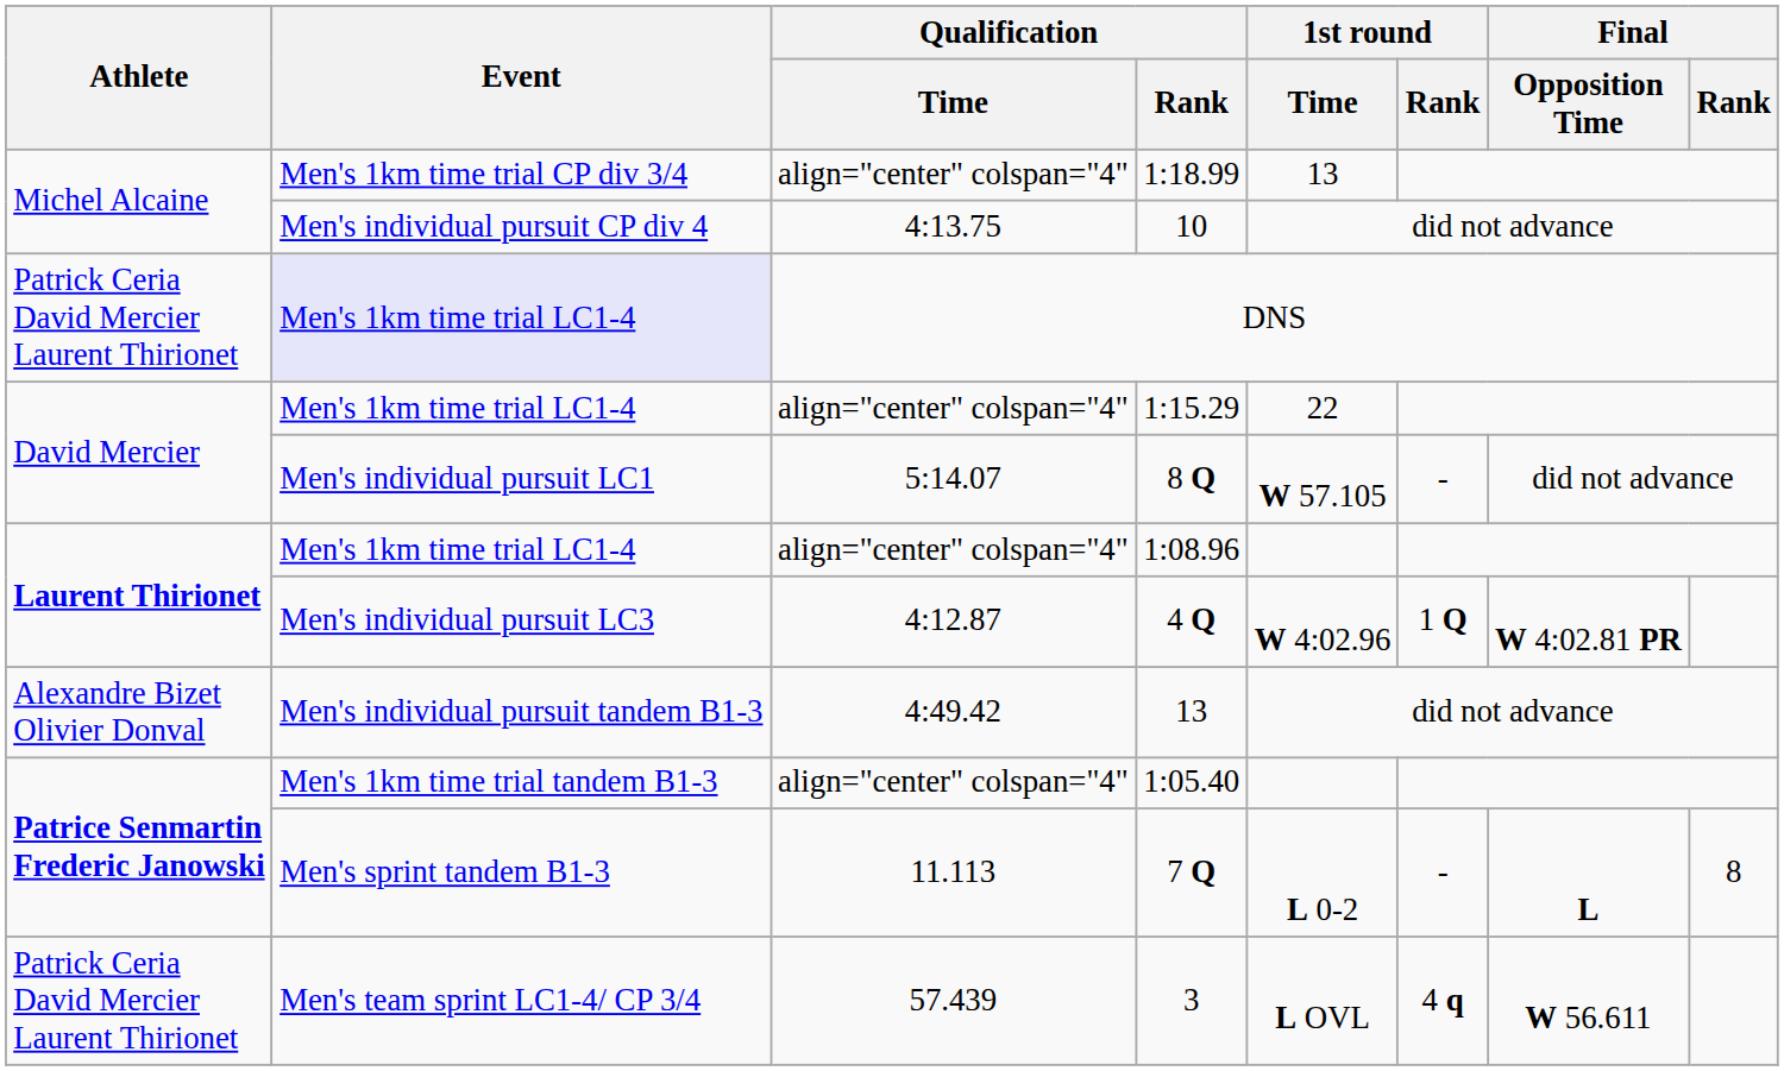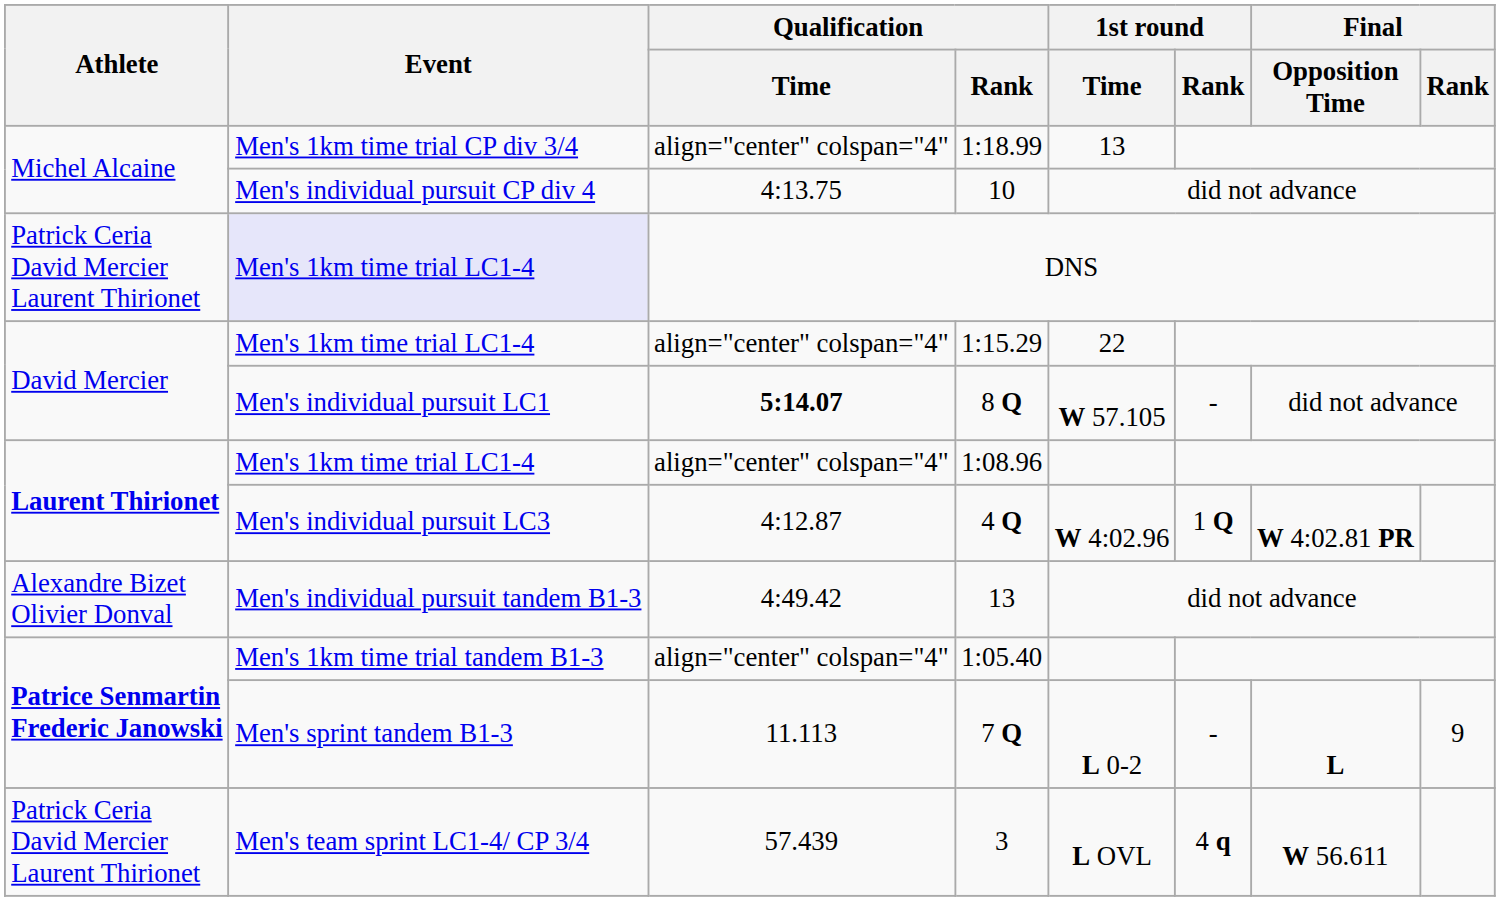 <table class=wikitable style="font-size:90%">
 <tr>
 <th rowspan="2">Athlete</th>
 <th rowspan="2">Event</th>
 <th colspan="2">Qualification</th>
 <th colspan="2">1st round</th>
 <th colspan="2">Final</th>
 </tr>
 <tr>
 <th>Time</th>
 <th>Rank</th>
 <th>Time</th>
 <th>Rank</th>
 <th>Opposition<br>Time</th>
 <th>Rank</th>
 </tr>
 <tr>
 <td rowspan="2"><a href='#'>Michel Alcaine</a></td>
 <td><a href='#'>Men's 1km time trial CP div 3/4</a></td>
 <td>align="center" colspan="4" </td>
 <td align="center">1:18.99</td>
 <td align="center">13</td>
 </tr>
 <tr>
 <td><a href='#'>Men's individual pursuit CP div 4</a></td>
 <td align="center">4:13.75</td>
 <td align="center">10</td>
 <td align="center" colspan="4">did not advance</td>
 </tr>
 <tr>
 <td><a href='#'>Patrick Ceria</a><br> <a href='#'>David Mercier</a><br> <a href='#'>Laurent Thirionet</a></td>
 <td style="background: lavender;"><a href='#'>Men's 1km time trial LC1-4</a></td>
 <td align="center" colspan="6">DNS</td>
 </tr>
 <tr>
 <td rowspan="2"><a href='#'>David Mercier</a></td>
 <td><a href='#'>Men's 1km time trial LC1-4</a></td>
 <td>align="center" colspan="4" </td>
 <td align="center">1:15.29</td>
 <td align="center">22</td>
 </tr>
 <tr>
 <td><a href='#'>Men's individual pursuit LC1</a></td>
-<td align="center">5:14.07</td>
+<td align="center"><strong>5:14.07</strong></td>
 <td align="center">8 <strong>Q</strong></td>
 <td align="center"><br> <strong>W</strong> 57.105</td>
 <td align="center">-</td>
 <td align="center" colspan="2">did not advance</td>
 </tr>
 <tr>
 <td rowspan="2"><strong><a href='#'>Laurent Thirionet</a></strong></td>
 <td><a href='#'>Men's 1km time trial LC1-4</a></td>
 <td>align="center" colspan="4" </td>
 <td align="center">1:08.96</td>
 <td align="center"></td>
 </tr>
 <tr>
 <td><a href='#'>Men's individual pursuit LC3</a></td>
 <td align="center">4:12.87</td>
 <td align="center">4 <strong>Q</strong></td>
 <td align="center"><br> <strong>W</strong> 4:02.96</td>
 <td align="center">1 <strong>Q</strong></td>
 <td align="center"><br> <strong>W</strong> 4:02.81 <strong>PR</strong></td>
 <td align="center"></td>
 </tr>
 <tr>
 <td><a href='#'>Alexandre Bizet</a><br> <a href='#'>Olivier Donval</a></td>
 <td><a href='#'>Men's individual pursuit tandem B1-3</a></td>
 <td align="center">4:49.42</td>
 <td align="center">13</td>
 <td align="center" colspan="4">did not advance</td>
 </tr>
 <tr>
 <td rowspan="2"><strong><a href='#'>Patrice Senmartin</a></strong><br> <strong><a href='#'>Frederic Janowski</a></strong></td>
 <td><a href='#'>Men's 1km time trial tandem B1-3</a></td>
 <td>align="center" colspan="4" </td>
 <td align="center">1:05.40</td>
 <td align="center"></td>
 </tr>
 <tr>
 <td><a href='#'>Men's sprint tandem B1-3</a></td>
 <td align="center">11.113</td>
 <td align="center">7 <strong>Q</strong></td>
 <td align="center"><br>  <br> <strong>L</strong> 0-2</td>
 <td align="center">-</td>
 <td align="center"><br>  <br> <strong>L</strong></td>
-<td align="center">8</td>
+<td align="center">9</td>
 </tr>
 <tr>
 <td><a href='#'>Patrick Ceria</a><br> <a href='#'>David Mercier</a><br> <a href='#'>Laurent Thirionet</a></td>
 <td><a href='#'>Men's team sprint LC1-4/ CP 3/4</a></td>
 <td align="center">57.439</td>
 <td align="center">3</td>
 <td align="center"><br> <strong>L</strong> OVL</td>
 <td align="center">4 <strong>q</strong></td>
 <td align="center"><br> <strong>W</strong> 56.611</td>
 <td align="center"></td>
 </tr>
 </table>
